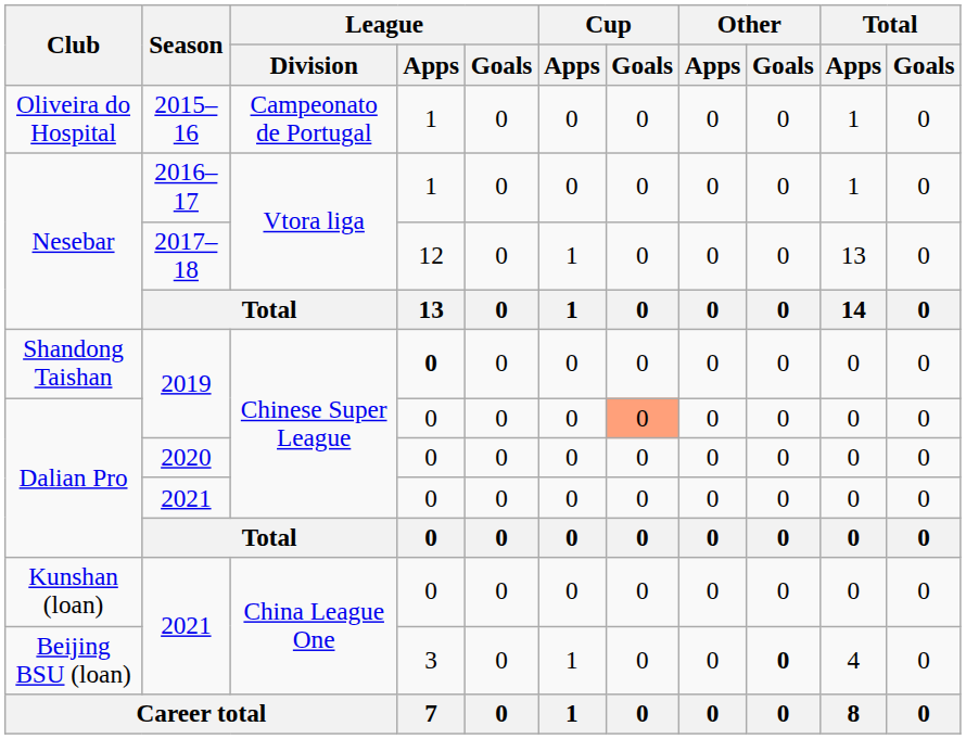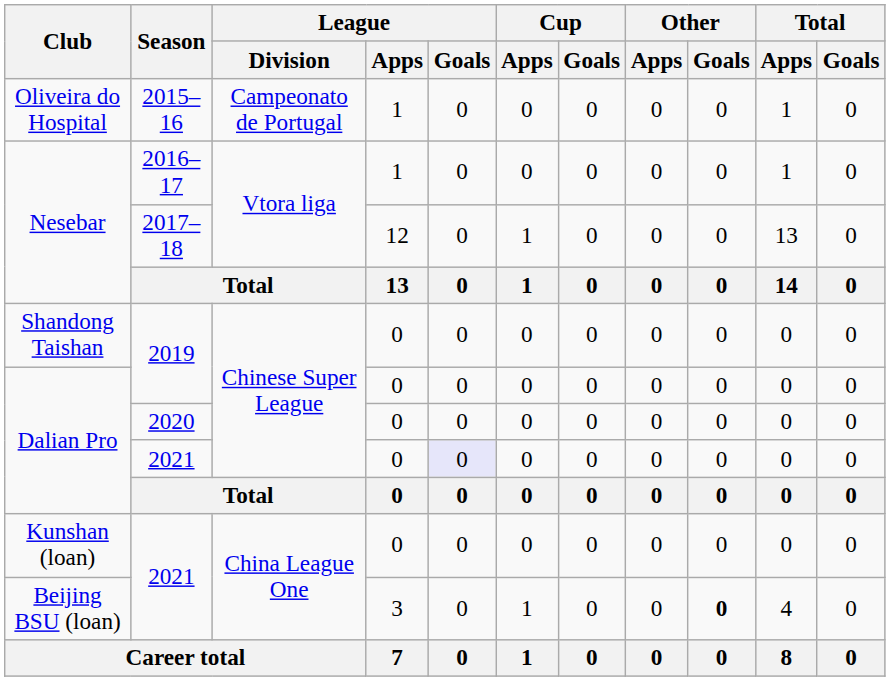 <table class="wikitable" style="text-align: center">
 <tr>
 <th rowspan="2">Club</th>
 <th rowspan="2">Season</th>
 <th colspan="3">League</th>
 <th colspan="2">Cup</th>
 <th colspan="2">Other</th>
 <th colspan="2">Total</th>
 </tr>
 <tr>
 <th>Division</th>
 <th>Apps</th>
 <th>Goals</th>
 <th>Apps</th>
 <th>Goals</th>
 <th>Apps</th>
 <th>Goals</th>
 <th>Apps</th>
 <th>Goals</th>
 </tr>
 <tr>
 <td><a href='#'>Oliveira do Hospital</a></td>
 <td><a href='#'>2015–16</a></td>
 <td><a href='#'>Campeonato de Portugal</a></td>
 <td>1</td>
 <td>0</td>
 <td>0</td>
 <td>0</td>
 <td>0</td>
 <td>0</td>
 <td>1</td>
 <td>0</td>
 </tr>
 <tr>
 <td rowspan="3"><a href='#'>Nesebar</a></td>
 <td><a href='#'>2016–17</a></td>
 <td rowspan="2"><a href='#'>Vtora liga</a></td>
 <td>1</td>
 <td>0</td>
 <td>0</td>
 <td>0</td>
 <td>0</td>
 <td>0</td>
 <td>1</td>
 <td>0</td>
 </tr>
 <tr>
 <td><a href='#'>2017–18</a></td>
 <td>12</td>
 <td>0</td>
 <td>1</td>
 <td>0</td>
 <td>0</td>
 <td>0</td>
 <td>13</td>
 <td>0</td>
 </tr>
 <tr>
 <th colspan=2>Total</th>
 <th>13</th>
 <th>0</th>
 <th>1</th>
 <th>0</th>
 <th>0</th>
 <th>0</th>
 <th>14</th>
 <th>0</th>
 </tr>
 <tr>
 <td><a href='#'>Shandong Taishan</a></td>
 <td rowspan="2"><a href='#'>2019</a></td>
 <td rowspan="4"><a href='#'>Chinese Super League</a></td>
-<td><strong>0</strong></td>
+<td>0</td>
 <td>0</td>
 <td>0</td>
 <td>0</td>
 <td>0</td>
 <td>0</td>
 <td>0</td>
 <td>0</td>
 </tr>
 <tr>
 <td rowspan="4"><a href='#'>Dalian Pro</a></td>
 <td>0</td>
 <td>0</td>
 <td>0</td>
-<td style="background: lightsalmon;">0</td>
+<td>0</td>
 <td>0</td>
 <td>0</td>
 <td>0</td>
 <td>0</td>
 </tr>
 <tr>
 <td><a href='#'>2020</a></td>
 <td>0</td>
 <td>0</td>
 <td>0</td>
 <td>0</td>
 <td>0</td>
 <td>0</td>
 <td>0</td>
 <td>0</td>
 </tr>
 <tr>
 <td><a href='#'>2021</a></td>
 <td>0</td>
-<td>0</td>
+<td style="background: lavender;">0</td>
 <td>0</td>
 <td>0</td>
 <td>0</td>
 <td>0</td>
 <td>0</td>
 <td>0</td>
 </tr>
 <tr>
 <th colspan=2>Total</th>
 <th>0</th>
 <th>0</th>
 <th>0</th>
 <th>0</th>
 <th>0</th>
 <th>0</th>
 <th>0</th>
 <th>0</th>
 </tr>
 <tr>
 <td><a href='#'>Kunshan</a> (loan)</td>
 <td rowspan="2"><a href='#'>2021</a></td>
 <td rowspan="2"><a href='#'>China League One</a></td>
 <td>0</td>
 <td>0</td>
 <td>0</td>
 <td>0</td>
 <td>0</td>
 <td>0</td>
 <td>0</td>
 <td>0</td>
 </tr>
 <tr>
 <td><a href='#'>Beijing BSU</a> (loan)</td>
 <td>3</td>
 <td>0</td>
 <td>1</td>
 <td>0</td>
 <td>0</td>
 <td><strong>0</strong></td>
 <td>4</td>
 <td>0</td>
 </tr>
 <tr>
 <th colspan=3>Career total</th>
 <th>7</th>
 <th>0</th>
 <th>1</th>
 <th>0</th>
 <th>0</th>
 <th>0</th>
 <th>8</th>
 <th>0</th>
 </tr>
 </table>
